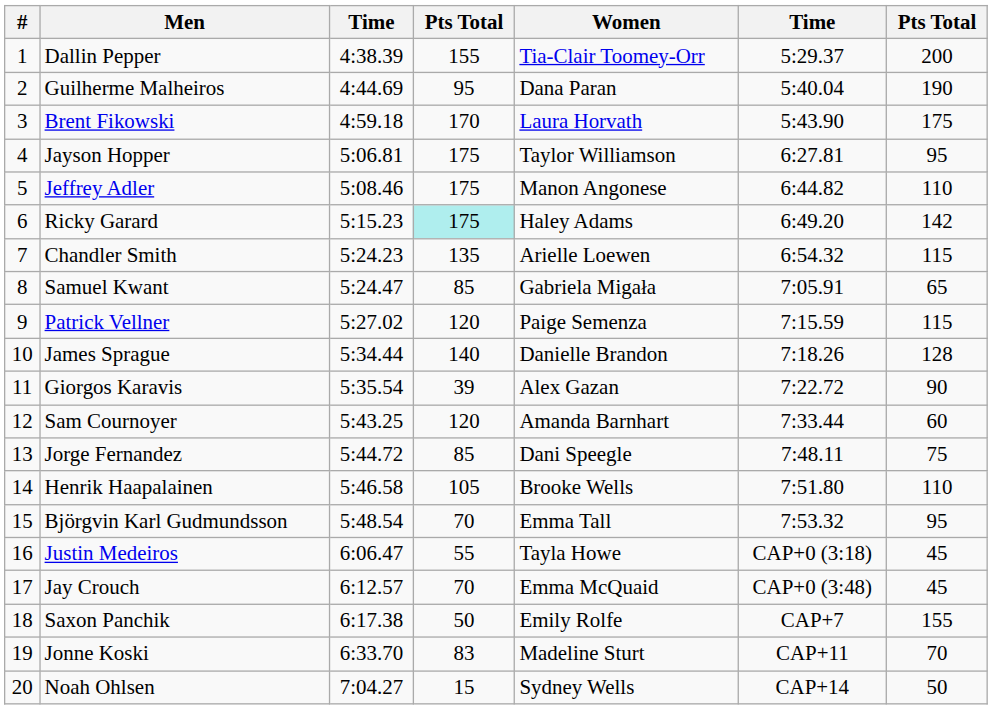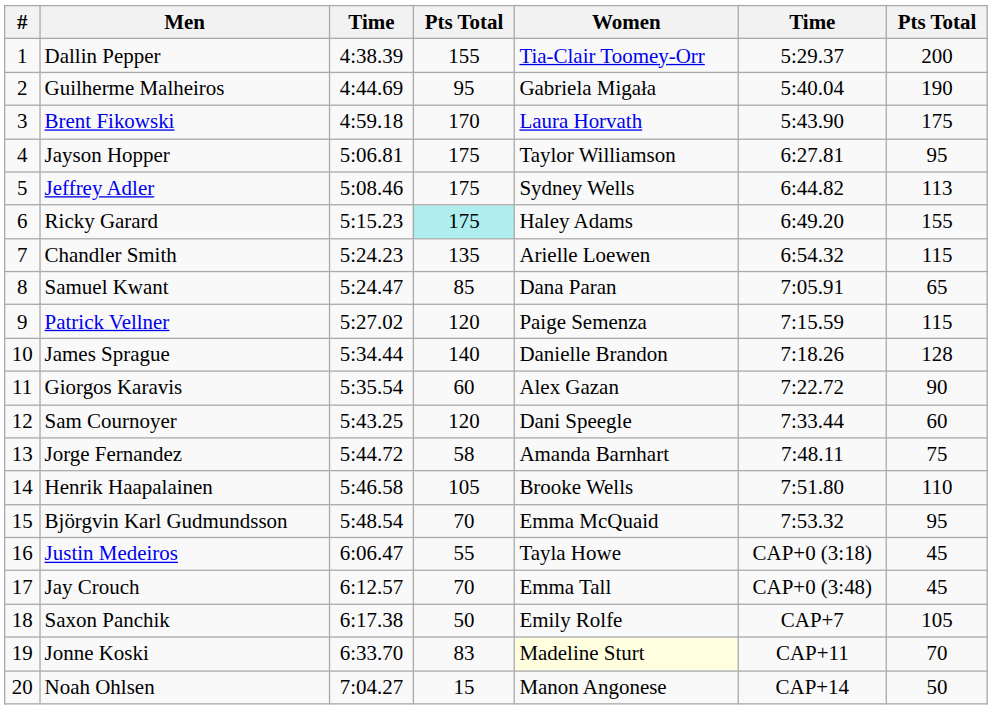 <table class="wikitable sortable" style="display: inline-table;width: 85%; text-align:center">
 <tr>
 <th>#</th>
 <th>Men</th>
 <th>Time</th>
 <th>Pts Total</th>
 <th>Women</th>
 <th>Time</th>
 <th>Pts Total</th>
 </tr>
 <tr>
 <td>1</td>
 <td align=left> Dallin Pepper</td>
 <td>4:38.39</td>
 <td>155</td>
 <td align=left> <a href='#'>Tia-Clair Toomey-Orr</a></td>
 <td>5:29.37</td>
 <td>200</td>
 </tr>
 <tr>
 <td>2</td>
 <td align=left> Guilherme Malheiros</td>
 <td>4:44.69</td>
 <td>95</td>
-<td align=left> Dana Paran</td>
+<td align=left> Gabriela Migała</td>
 <td>5:40.04</td>
 <td>190</td>
 </tr>
 <tr>
 <td>3</td>
 <td align=left> <a href='#'>Brent Fikowski</a></td>
 <td>4:59.18</td>
 <td>170</td>
 <td align=left> <a href='#'>Laura Horvath</a></td>
 <td>5:43.90</td>
 <td>175</td>
 </tr>
 <tr>
 <td>4</td>
 <td align=left> Jayson Hopper</td>
 <td>5:06.81</td>
 <td>175</td>
 <td align=left> Taylor Williamson</td>
 <td>6:27.81</td>
 <td>95</td>
 </tr>
 <tr>
 <td>5</td>
 <td align=left> <a href='#'>Jeffrey Adler</a></td>
 <td>5:08.46</td>
 <td>175</td>
-<td align=left> Manon Angonese</td>
+<td align=left> Sydney Wells</td>
 <td>6:44.82</td>
-<td>110</td>
+<td>113</td>
 </tr>
 <tr>
 <td>6</td>
 <td align=left> Ricky Garard</td>
 <td>5:15.23</td>
 <td style="background: paleturquoise;">175</td>
 <td align=left> Haley Adams</td>
 <td>6:49.20</td>
-<td>142</td>
+<td>155</td>
 </tr>
 <tr>
 <td>7</td>
 <td align=left> Chandler Smith</td>
 <td>5:24.23</td>
 <td>135</td>
 <td align=left> Arielle Loewen</td>
 <td>6:54.32</td>
 <td>115</td>
 </tr>
 <tr>
 <td>8</td>
 <td align=left> Samuel Kwant</td>
 <td>5:24.47</td>
 <td>85</td>
-<td align=left> Gabriela Migała</td>
+<td align=left> Dana Paran</td>
 <td>7:05.91</td>
 <td>65</td>
 </tr>
 <tr>
 <td>9</td>
 <td align=left> <a href='#'>Patrick Vellner</a></td>
 <td>5:27.02</td>
 <td>120</td>
 <td align=left> Paige Semenza</td>
 <td>7:15.59</td>
 <td>115</td>
 </tr>
 <tr>
 <td>10</td>
 <td align=left> James Sprague</td>
 <td>5:34.44</td>
 <td>140</td>
 <td align=left> Danielle Brandon</td>
 <td>7:18.26</td>
 <td>128</td>
 </tr>
 <tr>
 <td>11</td>
 <td align=left> Giorgos Karavis</td>
 <td>5:35.54</td>
-<td>39</td>
+<td>60</td>
 <td align=left> Alex Gazan</td>
 <td>7:22.72</td>
 <td>90</td>
 </tr>
 <tr>
 <td>12</td>
 <td align=left> Sam Cournoyer</td>
 <td>5:43.25</td>
 <td>120</td>
-<td align=left> Amanda Barnhart</td>
+<td align=left> Dani Speegle</td>
 <td>7:33.44</td>
 <td>60</td>
 </tr>
 <tr>
 <td>13</td>
 <td align=left> Jorge Fernandez</td>
 <td>5:44.72</td>
-<td>85</td>
-<td align=left> Dani Speegle</td>
+<td>58</td>
+<td align=left> Amanda Barnhart</td>
 <td>7:48.11</td>
 <td>75</td>
 </tr>
 <tr>
 <td>14</td>
 <td align=left> Henrik Haapalainen</td>
 <td>5:46.58</td>
 <td>105</td>
 <td align=left> Brooke Wells</td>
 <td>7:51.80</td>
 <td>110</td>
 </tr>
 <tr>
 <td>15</td>
 <td align=left> Björgvin Karl Gudmundsson</td>
 <td>5:48.54</td>
 <td>70</td>
-<td align=left> Emma Tall</td>
+<td align=left> Emma McQuaid</td>
 <td>7:53.32</td>
 <td>95</td>
 </tr>
 <tr>
 <td>16</td>
 <td align=left> <a href='#'>Justin Medeiros</a></td>
 <td>6:06.47</td>
 <td>55</td>
 <td align=left> Tayla Howe</td>
 <td>CAP+0 (3:18)</td>
 <td>45</td>
 </tr>
 <tr>
 <td>17</td>
 <td align=left> Jay Crouch</td>
 <td>6:12.57</td>
 <td>70</td>
-<td align=left> Emma McQuaid</td>
+<td align=left> Emma Tall</td>
 <td>CAP+0 (3:48)</td>
 <td>45</td>
 </tr>
 <tr>
 <td>18</td>
 <td align=left> Saxon Panchik</td>
 <td>6:17.38</td>
 <td>50</td>
 <td align=left> Emily Rolfe</td>
 <td>CAP+7</td>
-<td>155</td>
+<td>105</td>
 </tr>
 <tr>
 <td>19</td>
 <td align=left> Jonne Koski</td>
 <td>6:33.70</td>
 <td>83</td>
-<td align=left> Madeline Sturt</td>
+<td align=left style="background: lightyellow;"> Madeline Sturt</td>
 <td>CAP+11</td>
 <td>70</td>
 </tr>
 <tr>
 <td>20</td>
 <td align=left> Noah Ohlsen</td>
 <td>7:04.27</td>
 <td>15</td>
-<td align=left> Sydney Wells</td>
+<td align=left> Manon Angonese</td>
 <td>CAP+14</td>
 <td>50</td>
 </tr>
 </table>
